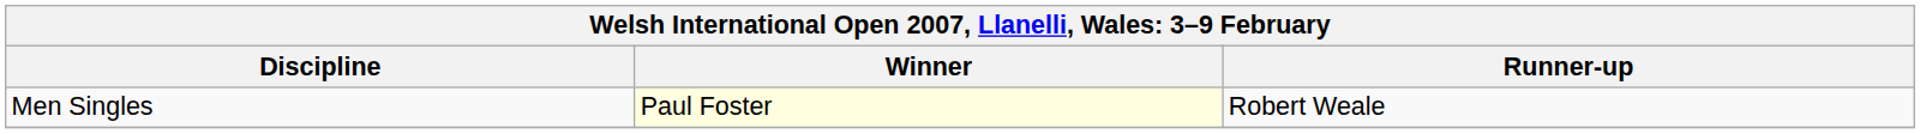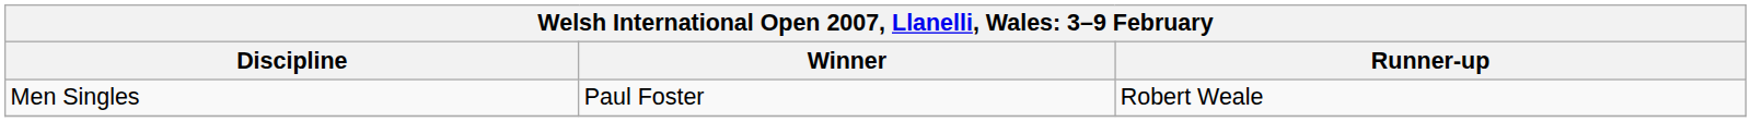 <table class="wikitable" width="75%">
 <tr>
 <th colspan="3">Welsh International Open 2007, <a href='#'>Llanelli</a>, Wales: 3–9 February</th>
 </tr>
 <tr>
 <th>Discipline</th>
 <th>Winner</th>
 <th>Runner-up</th>
 </tr>
 <tr s>
 <td>Men Singles</td>
-<td style="background: lightyellow;"> Paul Foster</td>
+<td> Paul Foster</td>
 <td> Robert Weale</td>
 </tr>
 <tr>
 </tr>
 </table>
